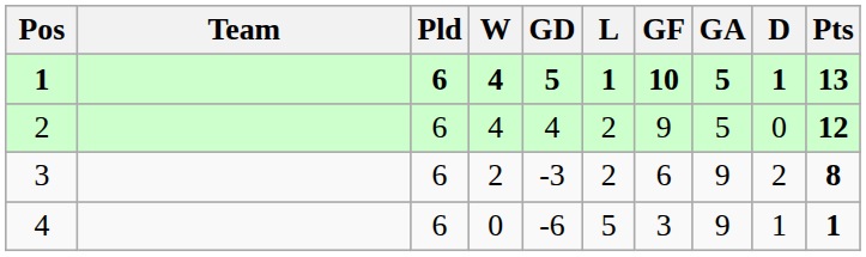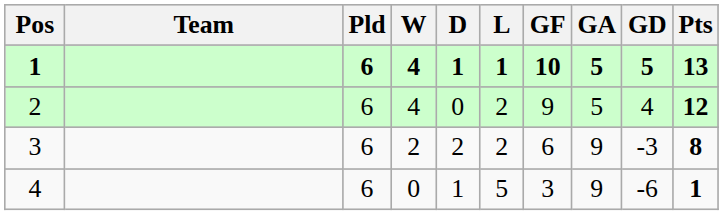 <table class="wikitable" style="text-align: center;">
 <tr>
 <th width=30>Pos</th>
 <th width=165>Team</th>
 <th width=20>Pld</th>
 <th width=20>W</th>
-<th width=20>GD</th>
+<th width=20>D</th>
 <th width=20>L</th>
 <th width=20>GF</th>
 <th width=20>GA</th>
-<th width=20>D</th>
+<th width=20>GD</th>
 <th width=20>Pts</th>
 </tr>
 <tr bgcolor="#ccffcc">
 <td><strong>1</strong></td>
 <td align="left"><strong></strong></td>
 <td><strong>6</strong></td>
 <td><strong>4</strong></td>
-<td><strong>5</strong></td>
+<td><strong>1</strong></td>
 <td><strong>1</strong></td>
 <td><strong>10</strong></td>
 <td><strong>5</strong></td>
-<td><strong>1</strong></td>
+<td><strong>5</strong></td>
 <td><strong>13</strong></td>
 </tr>
 <tr bgcolor="#ccffcc">
 <td>2</td>
 <td align="left"></td>
 <td>6</td>
 <td>4</td>
-<td>4</td>
+<td>0</td>
 <td>2</td>
 <td>9</td>
 <td>5</td>
-<td>0</td>
+<td>4</td>
 <td><strong>12</strong></td>
 </tr>
 <tr>
 <td>3</td>
 <td align="left"></td>
 <td>6</td>
 <td>2</td>
-<td>-3</td>
+<td>2</td>
 <td>2</td>
 <td>6</td>
 <td>9</td>
-<td>2</td>
+<td>-3</td>
 <td><strong>8</strong></td>
 </tr>
 <tr>
 <td>4</td>
 <td align="left"></td>
 <td>6</td>
 <td>0</td>
-<td>-6</td>
+<td>1</td>
 <td>5</td>
 <td>3</td>
 <td>9</td>
-<td>1</td>
+<td>-6</td>
 <td><strong>1</strong></td>
 </tr>
 </table>
